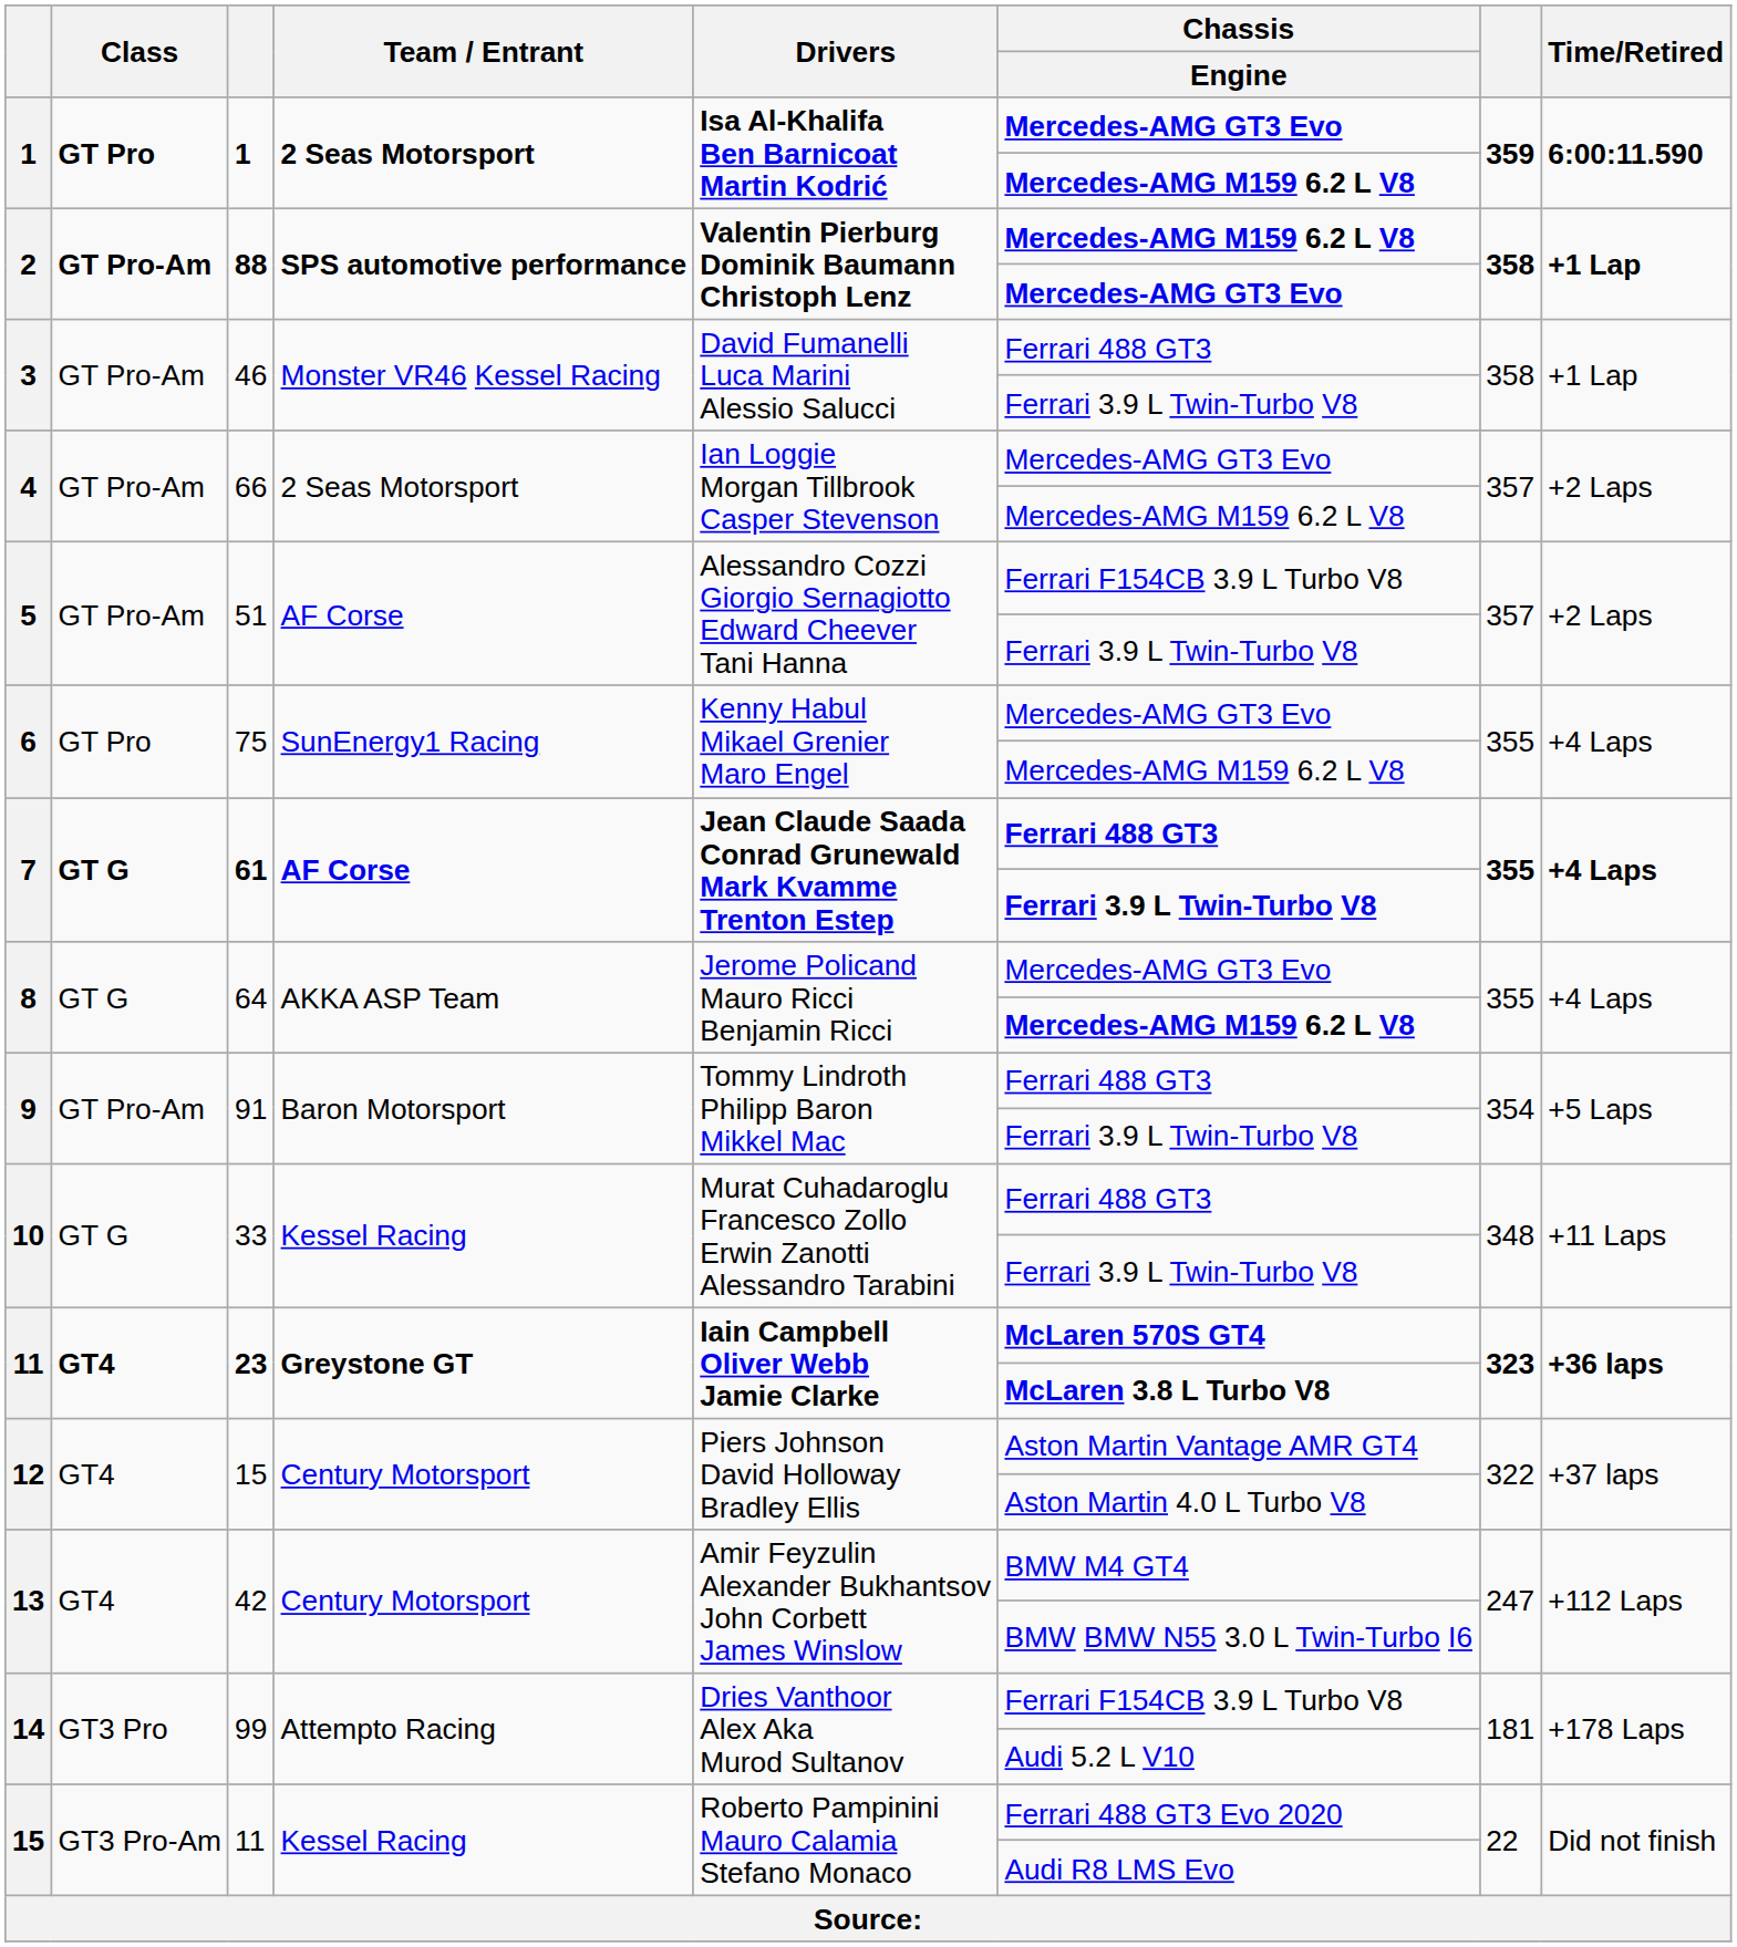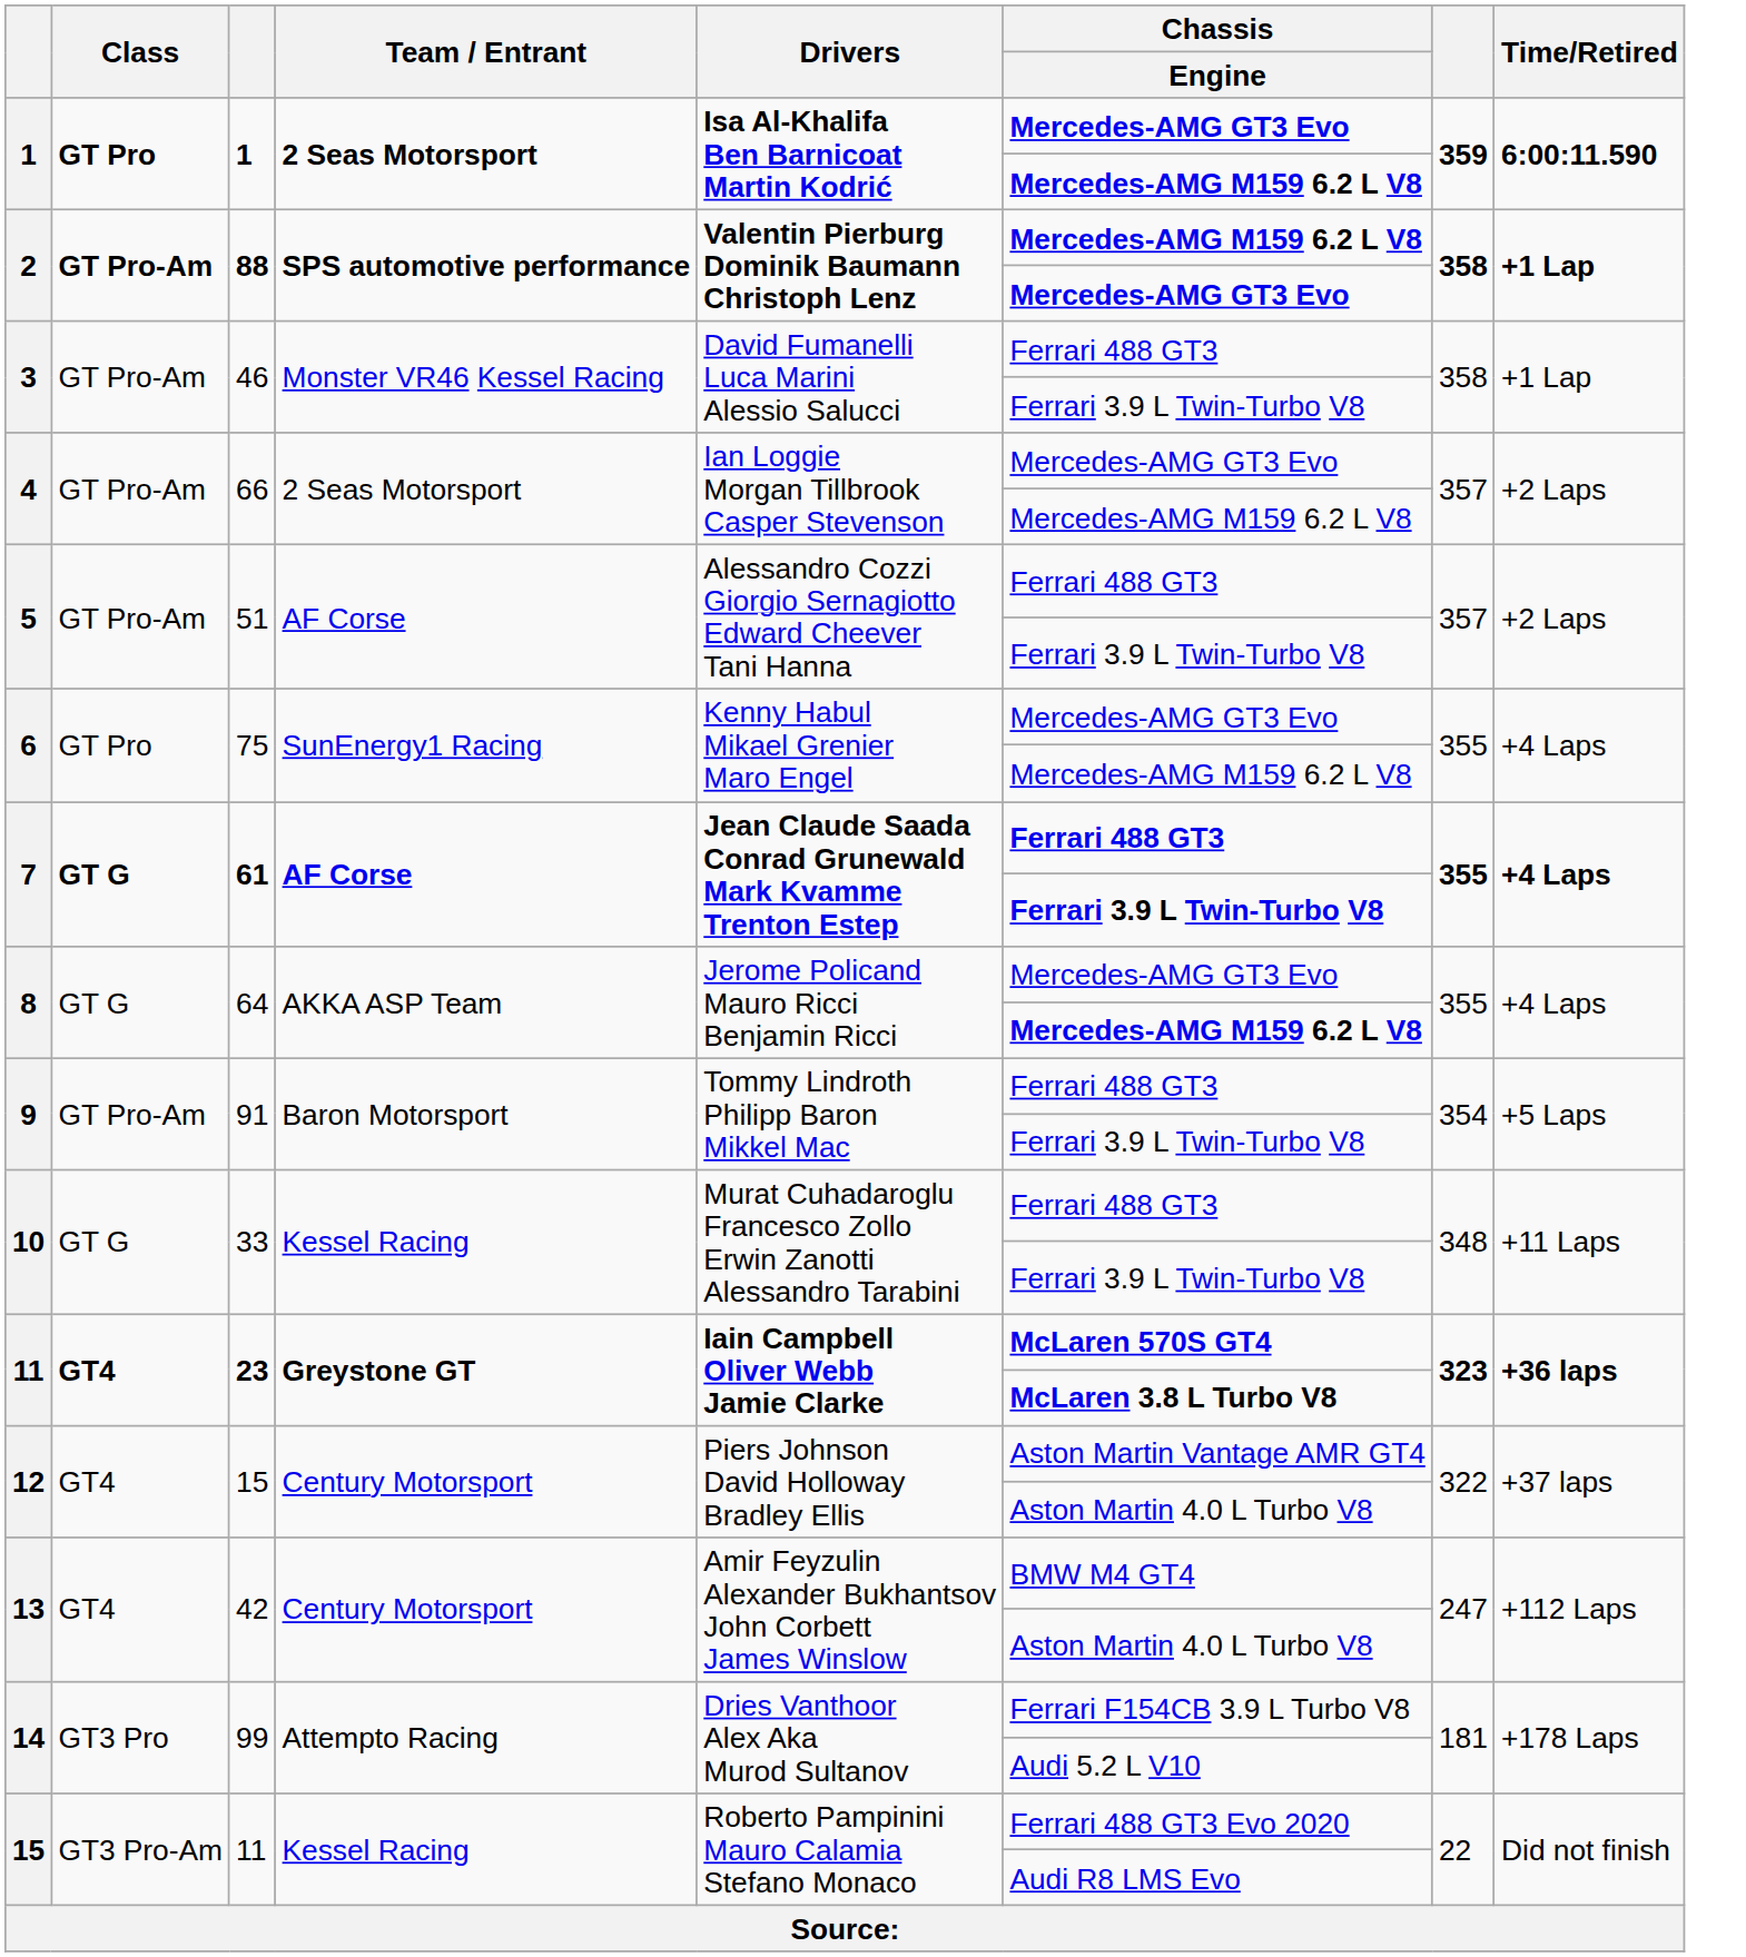 <table class="wikitable" style="font-size: 95%;">
 <tr>
 <th rowspan="2"></th>
 <th rowspan="2">Class</th>
 <th rowspan="2" class="unsortable"></th>
 <th rowspan="2" class="unsortable">Team / Entrant</th>
 <th rowspan="2" class="unsortable">Drivers</th>
 <th scope="col" class="unsortable">Chassis</th>
 <th rowspan="2" class="unsortable"></th>
 <th rowspan="2" class="unsortable">Time/Retired</th>
 </tr>
 <tr>
 <th>Engine</th>
 </tr>
 <tr>
 <th rowspan=2><strong>1</strong></th>
 <td rowspan=2><strong>GT Pro</strong></td>
 <td rowspan=2><strong>1</strong></td>
 <td rowspan=2><strong> 2 Seas Motorsport</strong></td>
 <td rowspan=2><strong> Isa Al-Khalifa<br> <a href='#'>Ben Barnicoat</a><br> <a href='#'>Martin Kodrić</a></strong></td>
 <td><a href='#'><strong>Mercedes-AMG GT3 Evo</strong></a></td>
 <td rowspan=2><strong>359</strong></td>
 <td rowspan=2><strong>6:00:11.590</strong></td>
 </tr>
 <tr>
 <td><strong><a href='#'>Mercedes-AMG M159</a> 6.2 L <a href='#'>V8</a></strong></td>
 </tr>
 <tr>
 <th rowspan=2><strong>2</strong></th>
 <td rowspan=2><strong>GT Pro-Am</strong></td>
 <td rowspan=2><strong>88</strong></td>
 <td rowspan=2><strong> SPS automotive performance</strong></td>
 <td rowspan=2><strong> Valentin Pierburg<br> Dominik Baumann<br> Christoph Lenz</strong></td>
 <td><strong><a href='#'>Mercedes-AMG M159</a> 6.2 L <a href='#'>V8</a></strong></td>
 <td rowspan=2><strong>358</strong></td>
 <td rowspan=2><strong>+1 Lap</strong></td>
 </tr>
 <tr>
 <td><a href='#'><strong>Mercedes-AMG GT3 Evo</strong></a></td>
 </tr>
 <tr>
 <th rowspan=2>3</th>
 <td rowspan=2>GT Pro-Am</td>
 <td rowspan=2>46</td>
 <td rowspan=2> <a href='#'>Monster VR46</a> <a href='#'>Kessel Racing</a></td>
 <td rowspan=2> <a href='#'>David Fumanelli</a><br> <a href='#'>Luca Marini</a><br> Alessio Salucci</td>
 <td><a href='#'>Ferrari 488 GT3</a></td>
 <td rowspan=2>358</td>
 <td rowspan=2>+1 Lap</td>
 </tr>
 <tr>
 <td><a href='#'>Ferrari</a> 3.9 L <a href='#'>Twin-Turbo</a> <a href='#'>V8</a></td>
 </tr>
 <tr>
 <th rowspan=2>4</th>
 <td rowspan=2>GT Pro-Am</td>
 <td rowspan=2>66</td>
 <td rowspan=2> 2 Seas Motorsport</td>
 <td rowspan=2> <a href='#'>Ian Loggie</a><br> Morgan Tillbrook<br> <a href='#'>Casper Stevenson</a></td>
 <td><a href='#'>Mercedes-AMG GT3 Evo</a></td>
 <td rowspan=2>357</td>
 <td rowspan=2>+2 Laps</td>
 </tr>
 <tr>
 <td><a href='#'>Mercedes-AMG M159</a> 6.2 L <a href='#'>V8</a></td>
 </tr>
 <tr>
 <th rowspan=2>5</th>
 <td rowspan=2>GT Pro-Am</td>
 <td rowspan=2>51</td>
 <td rowspan=2> <a href='#'>AF Corse</a></td>
 <td rowspan=2> Alessandro Cozzi<br> <a href='#'>Giorgio Sernagiotto</a><br> <a href='#'>Edward Cheever</a><br> Tani Hanna</td>
-<td><a href='#'>Ferrari F154CB</a> 3.9 L Turbo V8</td>
+<td><a href='#'>Ferrari 488 GT3</a></td>
 <td rowspan=2>357</td>
 <td rowspan=2>+2 Laps</td>
 </tr>
 <tr>
 <td><a href='#'>Ferrari</a> 3.9 L <a href='#'>Twin-Turbo</a> <a href='#'>V8</a></td>
 </tr>
 <tr>
 <th rowspan=2>6</th>
 <td rowspan=2>GT Pro</td>
 <td rowspan=2>75</td>
 <td rowspan=2> <a href='#'>SunEnergy1 Racing</a></td>
 <td rowspan=2> <a href='#'>Kenny Habul</a><br> <a href='#'>Mikael Grenier</a><br> <a href='#'>Maro Engel</a></td>
 <td><a href='#'>Mercedes-AMG GT3 Evo</a></td>
 <td rowspan=2>355</td>
 <td rowspan=2>+4 Laps</td>
 </tr>
 <tr>
 <td><a href='#'>Mercedes-AMG M159</a> 6.2 L <a href='#'>V8</a></td>
 </tr>
 <tr>
 <th rowspan=2><strong>7</strong></th>
 <td rowspan=2><strong>GT G</strong></td>
 <td rowspan=2><strong>61</strong></td>
 <td rowspan=2><strong> <a href='#'>AF Corse</a></strong></td>
 <td rowspan=2><strong> Jean Claude Saada<br> Conrad Grunewald<br> <a href='#'>Mark Kvamme</a><br> <a href='#'>Trenton Estep</a></strong></td>
 <td><a href='#'><strong>Ferrari 488 GT3</strong></a></td>
 <td rowspan=2><strong>355</strong></td>
 <td rowspan=2><strong>+4 Laps</strong></td>
 </tr>
 <tr>
 <td><strong><a href='#'>Ferrari</a> 3.9 L <a href='#'>Twin-Turbo</a> <a href='#'>V8</a></strong></td>
 </tr>
 <tr>
 <th rowspan=2>8</th>
 <td rowspan=2>GT G</td>
 <td rowspan=2>64</td>
 <td rowspan=2> AKKA ASP Team</td>
 <td rowspan=2> <a href='#'>Jerome Policand</a><br> Mauro Ricci<br> Benjamin Ricci</td>
 <td><a href='#'>Mercedes-AMG GT3 Evo</a></td>
 <td rowspan=2>355</td>
 <td rowspan=2>+4 Laps</td>
 </tr>
 <tr>
 <td><strong><a href='#'>Mercedes-AMG M159</a> 6.2 L <a href='#'>V8</a></strong></td>
 </tr>
 <tr>
 <th rowspan=2>9</th>
 <td rowspan=2>GT Pro-Am</td>
 <td rowspan=2>91</td>
 <td rowspan=2> Baron Motorsport</td>
 <td rowspan=2> Tommy Lindroth<br> Philipp Baron<br> <a href='#'>Mikkel Mac</a></td>
 <td><a href='#'>Ferrari 488 GT3</a></td>
 <td rowspan=2>354</td>
 <td rowspan=2>+5 Laps</td>
 </tr>
 <tr>
 <td><a href='#'>Ferrari</a> 3.9 L <a href='#'>Twin-Turbo</a> <a href='#'>V8</a></td>
 </tr>
 <tr>
 <th rowspan=2>10</th>
 <td rowspan=2>GT G</td>
 <td rowspan=2>33</td>
 <td rowspan=2> <a href='#'>Kessel Racing</a></td>
 <td rowspan=2> Murat Cuhadaroglu<br> Francesco Zollo<br> Erwin Zanotti<br> Alessandro Tarabini</td>
 <td><a href='#'>Ferrari 488 GT3</a></td>
 <td rowspan=2>348</td>
 <td rowspan=2>+11 Laps</td>
 </tr>
 <tr>
 <td><a href='#'>Ferrari</a> 3.9 L <a href='#'>Twin-Turbo</a> <a href='#'>V8</a></td>
 </tr>
 <tr>
 <th rowspan=2><strong>11</strong></th>
 <td rowspan=2><strong>GT4</strong></td>
 <td rowspan=2><strong>23</strong></td>
 <td rowspan=2><strong> Greystone GT</strong></td>
 <td rowspan=2><strong> Iain Campbell<br> <a href='#'>Oliver Webb</a><br> Jamie Clarke</strong></td>
 <td><a href='#'><strong>McLaren 570S GT4</strong></a></td>
 <td rowspan=2><strong>323</strong></td>
 <td rowspan=2><strong>+36 laps</strong></td>
 </tr>
 <tr>
 <td><strong><a href='#'>McLaren</a> 3.8 L Turbo V8</strong></td>
 </tr>
 <tr>
 <th rowspan=2>12</th>
 <td rowspan=2>GT4</td>
 <td rowspan=2>15</td>
 <td rowspan=2> <a href='#'>Century Motorsport</a></td>
 <td rowspan=2> Piers Johnson<br> David Holloway<br> Bradley Ellis</td>
 <td><a href='#'>Aston Martin Vantage AMR GT4</a></td>
 <td rowspan=2>322</td>
 <td rowspan=2>+37 laps</td>
 </tr>
 <tr>
 <td><a href='#'>Aston Martin</a> 4.0 L Turbo <a href='#'>V8</a></td>
 </tr>
 <tr>
 <th rowspan=2>13</th>
 <td rowspan=2>GT4</td>
 <td rowspan=2>42</td>
 <td rowspan=2> <a href='#'>Century Motorsport</a></td>
 <td rowspan=2> Amir Feyzulin<br> Alexander Bukhantsov<br> John Corbett<br> <a href='#'>James Winslow</a></td>
 <td><a href='#'>BMW M4 GT4</a></td>
 <td rowspan=2>247</td>
 <td rowspan=2>+112 Laps</td>
 </tr>
 <tr>
-<td><a href='#'>BMW</a> <a href='#'>BMW N55</a> 3.0 L <a href='#'>Twin-Turbo</a> <a href='#'>I6</a></td>
+<td><a href='#'>Aston Martin</a> 4.0 L Turbo <a href='#'>V8</a></td>
 </tr>
 <tr>
 <th rowspan=2>14</th>
 <td rowspan=2>GT3 Pro</td>
 <td rowspan=2>99</td>
 <td rowspan=2> Attempto Racing</td>
 <td rowspan=2> <a href='#'>Dries Vanthoor</a><br> Alex Aka<br> Murod Sultanov</td>
 <td><a href='#'>Ferrari F154CB</a> 3.9 L Turbo V8</td>
 <td rowspan=2>181</td>
 <td rowspan=2>+178 Laps</td>
 </tr>
 <tr>
 <td><a href='#'>Audi</a> 5.2 L <a href='#'>V10</a></td>
 </tr>
 <tr>
 <th rowspan=2>15</th>
 <td rowspan=2>GT3 Pro-Am</td>
 <td rowspan=2>11</td>
 <td rowspan=2> <a href='#'>Kessel Racing</a></td>
 <td rowspan=2> Roberto Pampinini<br> <a href='#'>Mauro Calamia</a><br> Stefano Monaco</td>
 <td><a href='#'>Ferrari 488 GT3 Evo 2020</a></td>
 <td rowspan=2>22</td>
 <td rowspan=2>Did not finish</td>
 </tr>
 <tr>
 <td><a href='#'>Audi R8 LMS Evo</a></td>
 </tr>
 <tr>
 <th colspan=8>Source:</th>
 </tr>
 </table>
